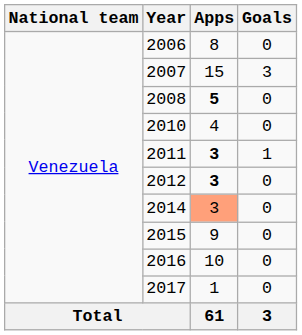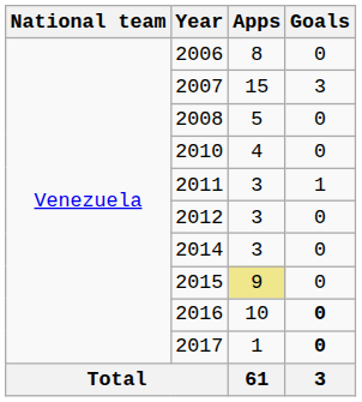 <table class="wikitable" style="text-align:center">
 <tr>
 <th>National team</th>
 <th>Year</th>
 <th>Apps</th>
 <th>Goals</th>
 </tr>
 <tr>
 <td rowspan="10"><a href='#'>Venezuela</a></td>
 <td>2006</td>
 <td>8</td>
 <td>0</td>
 </tr>
 <tr>
 <td>2007</td>
 <td>15</td>
 <td>3</td>
 </tr>
 <tr>
 <td>2008</td>
-<td><strong>5</strong></td>
+<td>5</td>
 <td>0</td>
 </tr>
 <tr>
 <td>2010</td>
 <td>4</td>
 <td>0</td>
 </tr>
 <tr>
 <td>2011</td>
-<td><strong>3</strong></td>
+<td>3</td>
 <td>1</td>
 </tr>
 <tr>
 <td>2012</td>
-<td><strong>3</strong></td>
+<td>3</td>
 <td>0</td>
 </tr>
 <tr>
 <td>2014</td>
-<td style="background: lightsalmon;">3</td>
+<td>3</td>
 <td>0</td>
 </tr>
 <tr>
 <td>2015</td>
-<td>9</td>
+<td style="background: khaki;">9</td>
 <td>0</td>
 </tr>
 <tr>
 <td>2016</td>
 <td>10</td>
-<td>0</td>
+<td><strong>0</strong></td>
 </tr>
 <tr>
 <td>2017</td>
 <td>1</td>
-<td>0</td>
+<td><strong>0</strong></td>
 </tr>
 <tr>
 <th colspan="2">Total</th>
 <th>61</th>
 <th>3</th>
 </tr>
 </table>
